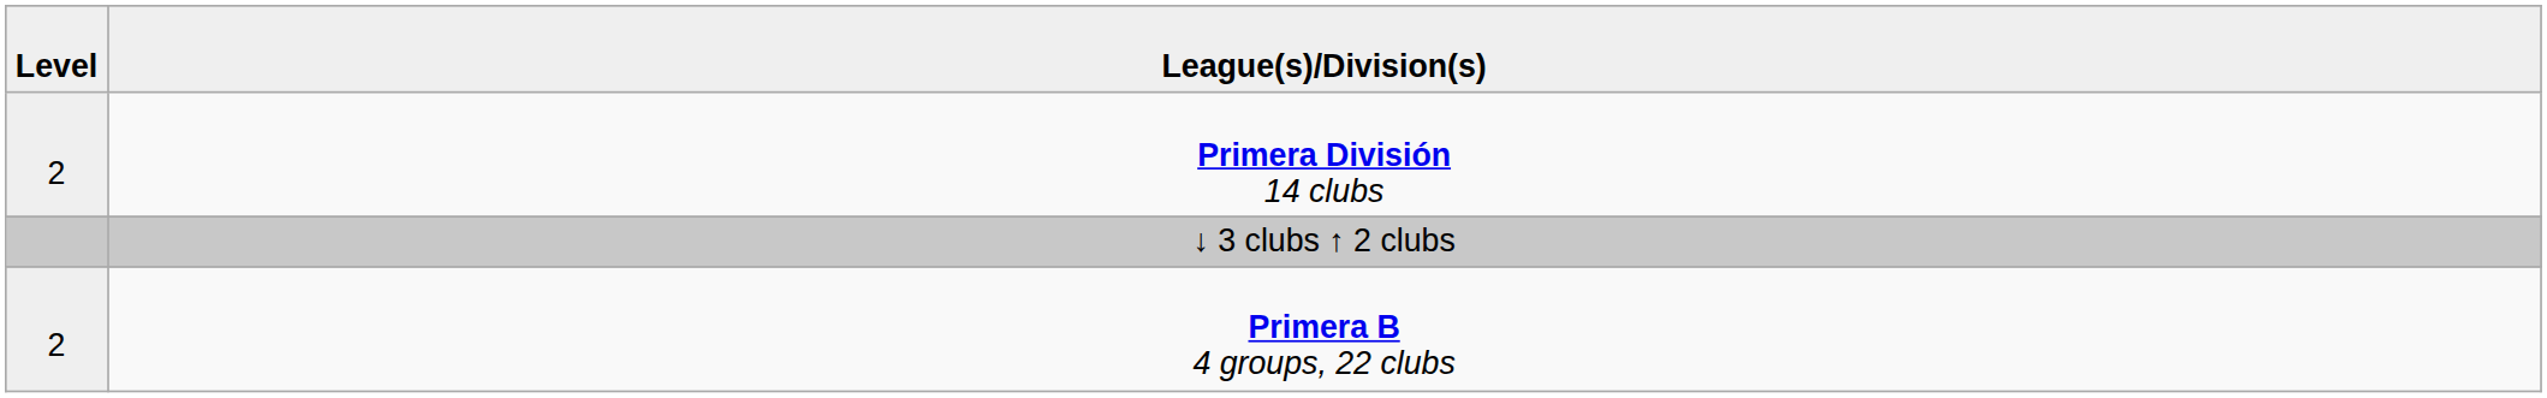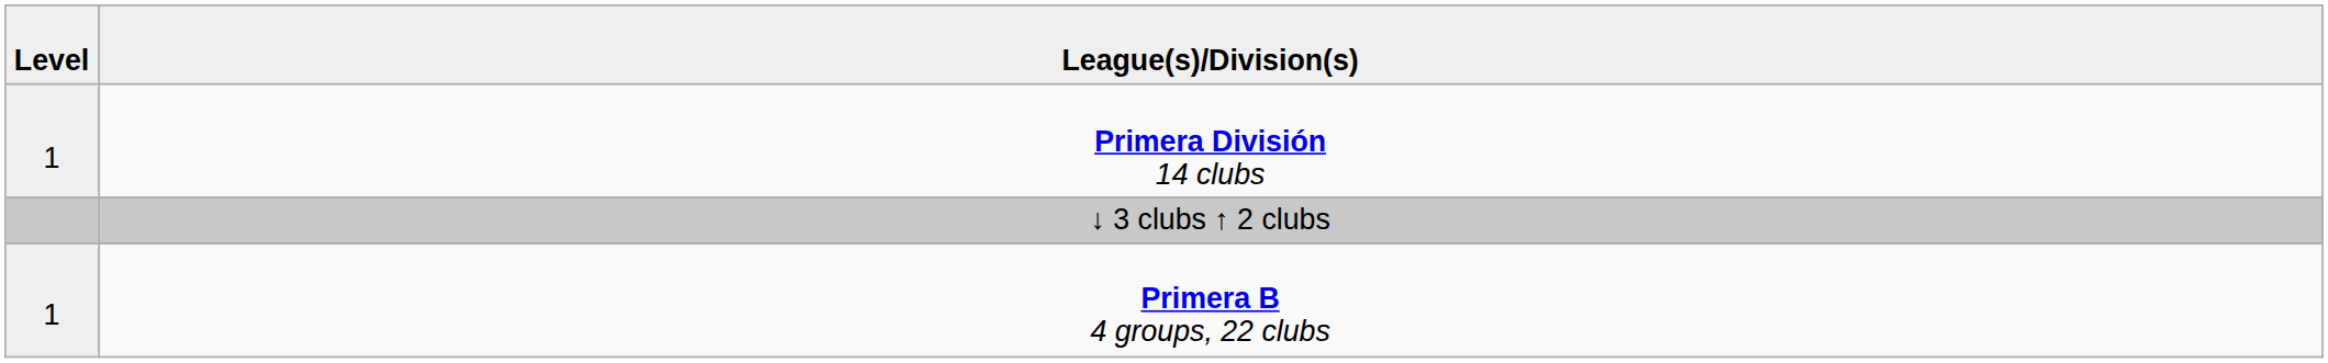 <table class="wikitable" style="text-align:center; width:100%;">
 <tr style="background:#efefef;">
 <td style="width:4%; text-align:center;"><br><strong>Level</strong></td>
 <td colspan="12"  style="width:96%; text-align:center;"><br><strong>League(s)/Division(s)</strong></td>
 </tr>
 <tr>
-<td style="text-align:center; width:4%; background:#efefef;"><br>2</td>
+<td style="text-align:center; width:4%; background:#efefef;"><br>1</td>
 <td colspan="12"  style="width:96%; text-align:center;"><br><strong><a href='#'>Primera División</a></strong><br> <em>14 clubs</em><br></td>
 </tr>
 <tr style="background:#c8c8c8">
 <td style="width:4%;"></td>
 <td colspan="9" style="width:96%;">↓ 3 clubs ↑ 2 clubs</td>
 </tr>
 <tr>
-<td style="text-align:center; width:4%; background:#efefef;"><br>2</td>
+<td style="text-align:center; width:4%; background:#efefef;"><br>1</td>
 <td colspan="12"  style="width:96%; text-align:center;"><br><strong><a href='#'>Primera B</a></strong><br> <em>4 groups, 22 clubs</em><br></td>
 </tr>
 </table>
